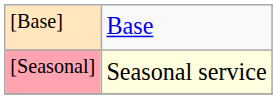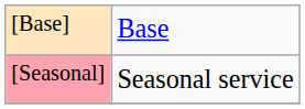 <table class="wikitable">
 <tr>
 <td style="background-color: #FFE6BD"><sup>[Base]</sup></td>
 <td><a href='#'>Base</a></td>
 </tr>
 <tr>
 <td style="background-color: #FFA3B1"><sup>[Seasonal]</sup></td>
-<td style="background: lightyellow;">Seasonal service</td>
+<td>Seasonal service</td>
 </tr>
 <tr>
 </tr>
 </table>
